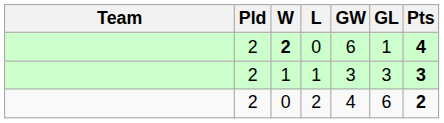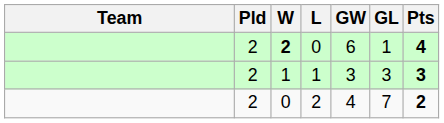 <table class="wikitable" style="text-align:center">
 <tr>
 <th width=200>Team</th>
 <th width=20>Pld</th>
 <th width=20>W</th>
 <th width=20>L</th>
 <th width=20>GW</th>
 <th width=20>GL</th>
 <th width=20>Pts</th>
 </tr>
 <tr bgcolor="ccffcc">
 <td style="text-align:left;"></td>
 <td>2</td>
 <td><strong>2</strong></td>
 <td>0</td>
 <td>6</td>
 <td>1</td>
 <td><strong>4</strong></td>
 </tr>
 <tr bgcolor="ccffcc">
 <td style="text-align:left;"></td>
 <td>2</td>
 <td>1</td>
 <td>1</td>
 <td>3</td>
 <td>3</td>
 <td><strong>3</strong></td>
 </tr>
 <tr>
 <td style="text-align:left;"></td>
 <td>2</td>
 <td>0</td>
 <td>2</td>
 <td>4</td>
-<td>6</td>
+<td>7</td>
 <td><strong>2</strong></td>
 </tr>
 </table>
